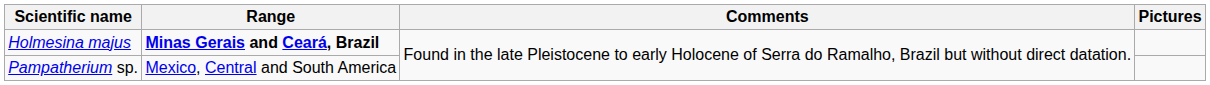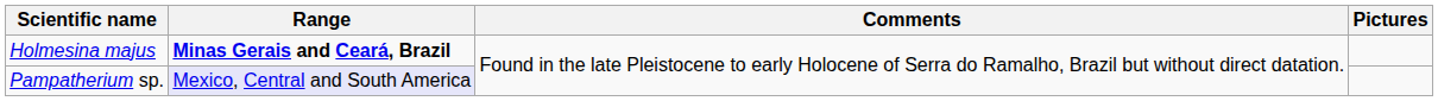 <table class="wikitable">
 <tr>
 <th>Scientific name</th>
 <th>Range</th>
 <th class="unsortable">Comments</th>
 <th>Pictures</th>
 </tr>
 <tr>
 <td><em><a href='#'>Holmesina majus</a></em></td>
 <td><strong><a href='#'>Minas Gerais</a> and <a href='#'>Ceará</a>, Brazil</strong></td>
 <td rowspan="2">Found in the late Pleistocene to early Holocene of Serra do Ramalho, Brazil but without direct datation.</td>
 <td></td>
 </tr>
 <tr>
 <td><em><a href='#'>Pampatherium</a></em> sp.</td>
-<td><a href='#'>Mexico</a>, <a href='#'>Central</a> and South America</td>
+<td style="background: lavender;"><a href='#'>Mexico</a>, <a href='#'>Central</a> and South America</td>
 <td></td>
 </tr>
 </table>
